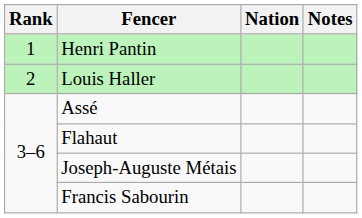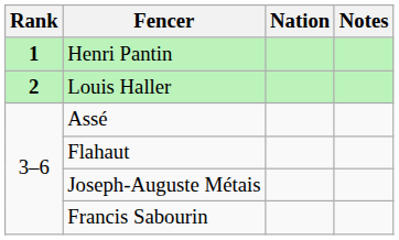 <table class="wikitable sortable" style="text-align:center">
 <tr>
 <th>Rank</th>
 <th>Fencer</th>
 <th>Nation</th>
 <th>Notes</th>
 </tr>
 <tr bgcolor=bbf3bb>
-<td>1</td>
+<td><strong>1</strong></td>
 <td align=left>Henri Pantin</td>
 <td align=left></td>
 <td></td>
 </tr>
 <tr bgcolor=bbf3bb>
-<td>2</td>
+<td><strong>2</strong></td>
 <td align=left>Louis Haller</td>
 <td align=left></td>
 <td></td>
 </tr>
 <tr>
 <td rowspan=4>3–6</td>
 <td align=left>Assé</td>
 <td align=left></td>
 <td></td>
 </tr>
 <tr>
 <td align=left>Flahaut</td>
 <td align=left></td>
 <td></td>
 </tr>
 <tr>
 <td align=left>Joseph-Auguste Métais</td>
 <td align=left></td>
 <td></td>
 </tr>
 <tr>
 <td align=left>Francis Sabourin</td>
 <td align=left></td>
 <td></td>
 </tr>
 </table>
